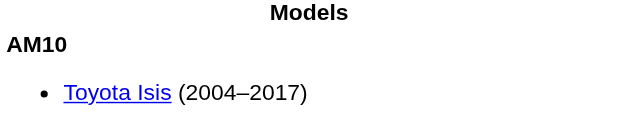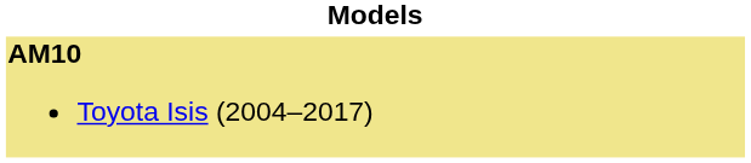 <table>
 <tr>
 <th style="width:50%">Models</th>
 </tr>
 <tr>
-<td style="width:50%"><strong>AM10</strong><br><ul><li><a href='#'>Toyota Isis</a> (2004–2017)</li></ul></td>
+<td style="background: khaki; width:50%"><strong>AM10</strong><br><ul><li><a href='#'>Toyota Isis</a> (2004–2017)</li></ul></td>
 </tr>
 </table>
